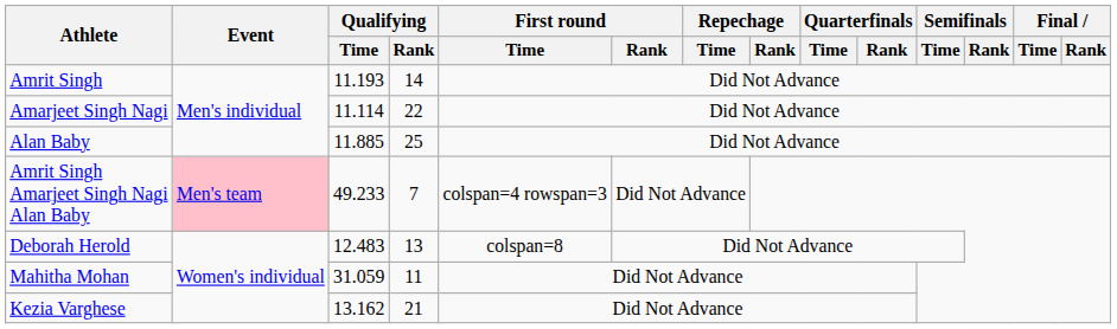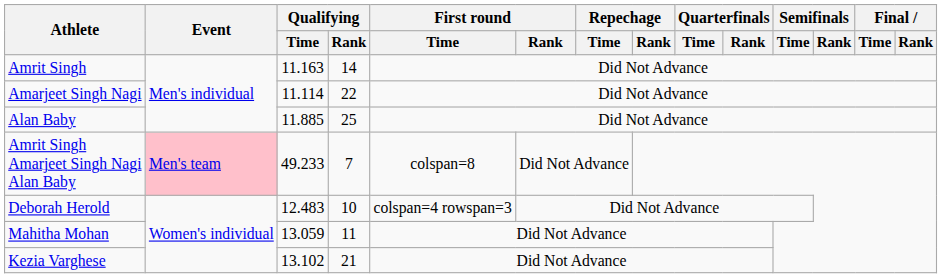 <table class=wikitable style="text-align:center; font-size:90%">
 <tr>
 <th rowspan="2">Athlete</th>
 <th rowspan="2">Event</th>
 <th colspan=2>Qualifying</th>
 <th colspan=2>First round</th>
 <th colspan=2>Repechage</th>
 <th colspan=2>Quarterfinals</th>
 <th colspan=2>Semifinals</th>
 <th colspan=2>Final / </th>
 </tr>
 <tr style="font-size:95%">
 <th>Time</th>
 <th>Rank</th>
 <th>Time</th>
 <th>Rank</th>
 <th>Time</th>
 <th>Rank</th>
 <th>Time</th>
 <th>Rank</th>
 <th>Time</th>
 <th>Rank</th>
 <th>Time</th>
 <th>Rank</th>
 </tr>
 <tr>
 <td align=left><a href='#'>Amrit Singh</a></td>
 <td rowspan=3 align=left><a href='#'>Men's individual</a></td>
-<td>11.193</td>
+<td>11.163</td>
 <td>14</td>
 <td colspan="10">Did Not Advance</td>
 </tr>
 <tr>
 <td align=left><a href='#'>Amarjeet Singh Nagi</a></td>
 <td>11.114</td>
 <td>22</td>
 <td colspan="10">Did Not Advance</td>
 </tr>
 <tr>
 <td align=left><a href='#'>Alan Baby</a></td>
 <td>11.885</td>
 <td>25</td>
 <td colspan="10">Did Not Advance</td>
 </tr>
 <tr>
 <td align=left><a href='#'>Amrit Singh</a><br><a href='#'>Amarjeet Singh Nagi</a><br><a href='#'>Alan Baby</a></td>
 <td align=left style="background: pink;"><a href='#'>Men's team</a></td>
 <td>49.233</td>
 <td>7</td>
-<td>colspan=4 rowspan=3 </td>
+<td>colspan=8 </td>
 <td colspan=2>Did Not Advance</td>
 </tr>
 <tr>
 <td align=left><a href='#'>Deborah Herold</a></td>
 <td rowspan=3 align=left><a href='#'>Women's individual</a></td>
 <td>12.483</td>
-<td>13</td>
-<td>colspan=8 </td>
+<td>10</td>
+<td>colspan=4 rowspan=3 </td>
 <td colspan="6">Did Not Advance</td>
 </tr>
 <tr>
 <td align=left><a href='#'>Mahitha Mohan</a></td>
-<td>31.059</td>
+<td>13.059</td>
 <td>11</td>
 <td colspan="6">Did Not Advance</td>
 </tr>
 <tr>
 <td align=left><a href='#'>Kezia Varghese</a></td>
-<td>13.162</td>
+<td>13.102</td>
 <td>21</td>
 <td colspan="6">Did Not Advance</td>
 </tr>
 </table>
